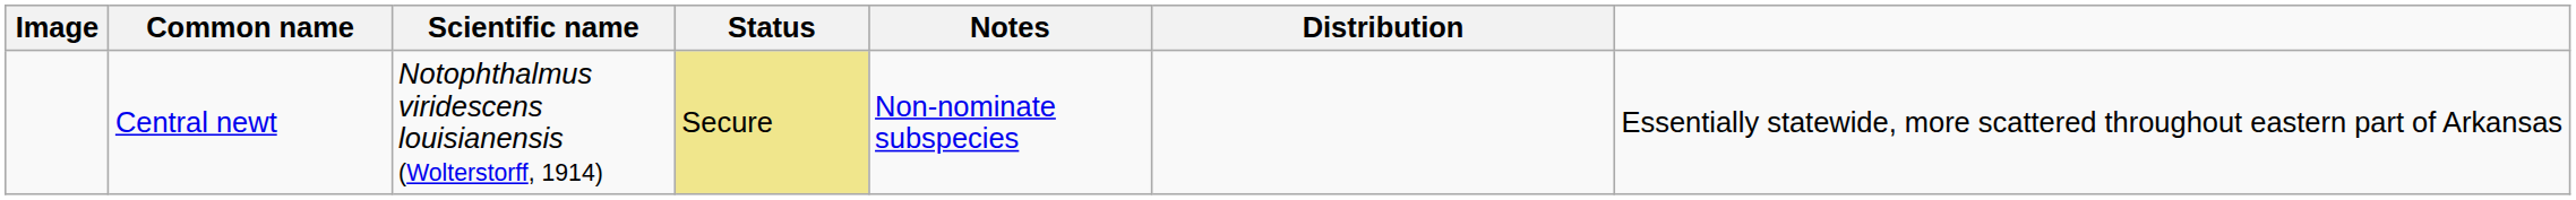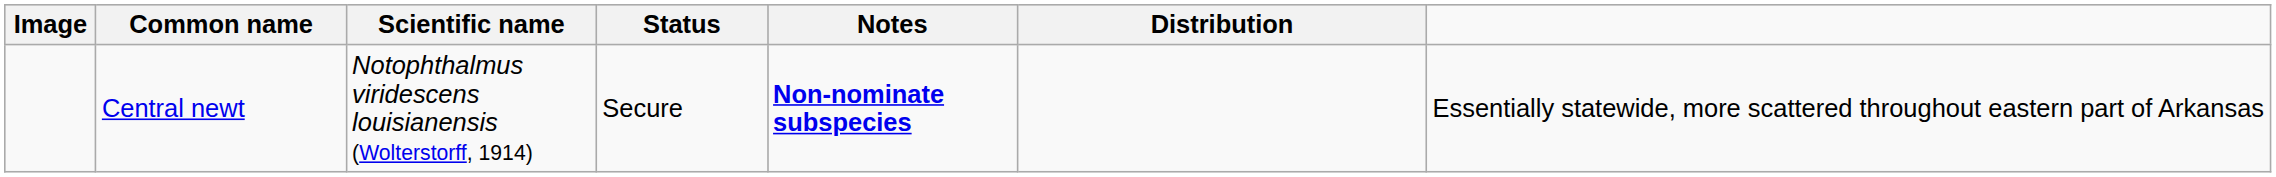 <table class="wikitable">
 <tr>
 <th scope="col" style="width: 50px;">Image</th>
 <th scope="col" style="width: 150px;">Common name</th>
 <th scope="col" style="width: 150px;">Scientific name</th>
 <th scope="col" style="width: 100px;">Status</th>
 <th scope="col" style="width: 150px;">Notes</th>
 <th scope="col" style="width: 250px;">Distribution</th>
 </tr>
 <tr>
 <td></td>
 <td><a href='#'>Central newt</a></td>
 <td><em>Notophthalmus viridescens louisianensis</em><br><small>(<a href='#'>Wolterstorff</a>, 1914)</small></td>
-<td style="background: khaki;">Secure</td>
-<td><a href='#'>Non-nominate subspecies</a></td>
+<td>Secure</td>
+<td><strong><a href='#'>Non-nominate subspecies</a></strong></td>
 <td></td>
 <td>Essentially statewide, more scattered throughout eastern part of Arkansas</td>
 </tr>
 </table>
